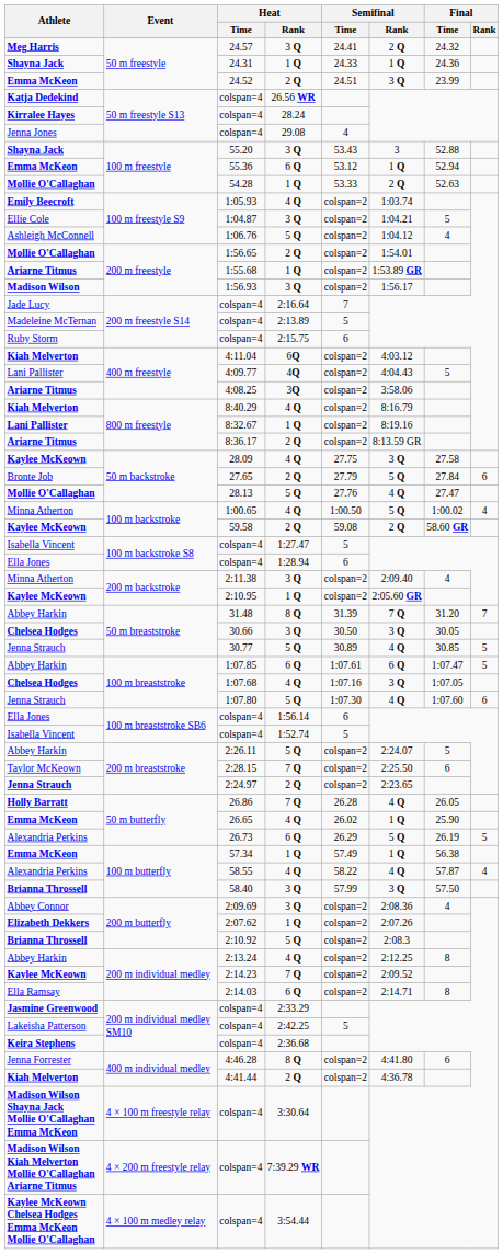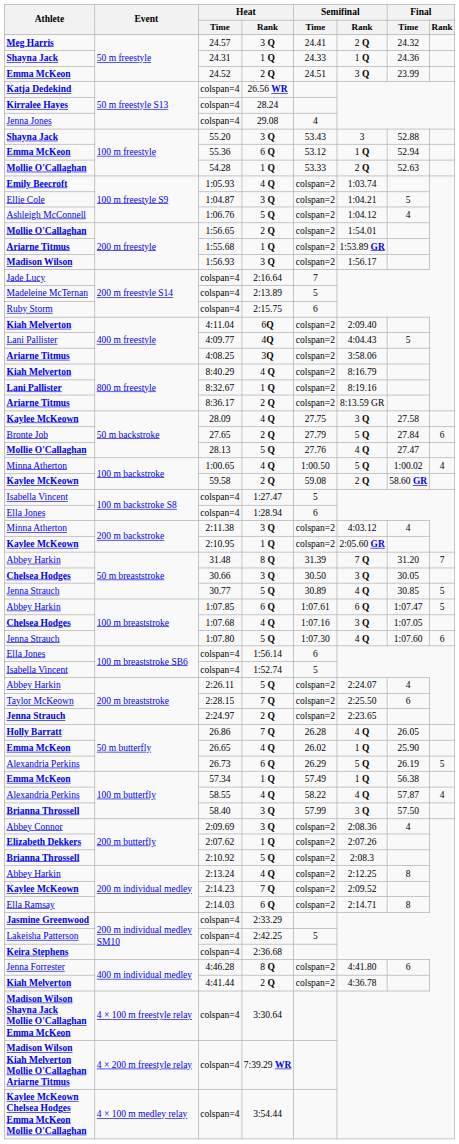 <table class=wikitable style=font-size:90%>
 <tr>
 <th rowspan=2 width=130>Athlete</th>
 <th rowspan=2 width=150>Event</th>
 <th colspan=2>Heat</th>
 <th colspan=2>Semifinal</th>
 <th colspan=2>Final</th>
 </tr>
 <tr style=font-size:95%>
 <th>Time</th>
 <th>Rank</th>
 <th>Time</th>
 <th>Rank</th>
 <th>Time</th>
 <th>Rank</th>
 </tr>
 <tr align=center>
 <td align=left><strong><a href='#'>Meg Harris</a></strong></td>
 <td style="text-align:left;" rowspan="3"><a href='#'>50 m freestyle</a></td>
 <td>24.57</td>
 <td>3 <strong>Q</strong></td>
 <td>24.41</td>
 <td>2 <strong>Q</strong></td>
 <td>24.32</td>
 <td></td>
 </tr>
 <tr align=center>
 <td align=left><strong><a href='#'>Shayna Jack</a></strong></td>
 <td>24.31</td>
 <td>1 <strong>Q</strong></td>
 <td>24.33</td>
 <td>1 <strong>Q</strong></td>
 <td>24.36</td>
 <td></td>
 </tr>
 <tr align=center>
 <td align=left><strong><a href='#'>Emma McKeon</a></strong></td>
 <td>24.52</td>
 <td>2 <strong>Q</strong></td>
 <td>24.51</td>
 <td>3 <strong>Q</strong></td>
 <td>23.99</td>
 <td></td>
 </tr>
 <tr align=center>
 <td align=left><strong><a href='#'>Katja Dedekind</a></strong></td>
 <td style="text-align:left;" rowspan="3"><a href='#'>50 m freestyle S13</a></td>
 <td>colspan=4 </td>
 <td>26.56 <strong><a href='#'>WR</a></strong></td>
 <td></td>
 </tr>
 <tr align=center>
 <td align=left><strong><a href='#'>Kirralee Hayes</a></strong></td>
 <td>colspan=4 </td>
 <td>28.24</td>
 <td></td>
 </tr>
 <tr align=center>
 <td align=left><a href='#'>Jenna Jones</a></td>
 <td>colspan=4 </td>
 <td>29.08</td>
 <td>4</td>
 </tr>
 <tr align=center>
 <td align=left><strong><a href='#'>Shayna Jack</a></strong></td>
 <td style="text-align:left;" rowspan="3"><a href='#'>100 m freestyle</a></td>
 <td>55.20</td>
 <td>3 <strong>Q</strong></td>
 <td>53.43</td>
 <td>3</td>
 <td>52.88</td>
 <td></td>
 </tr>
 <tr align=center>
 <td align=left><strong><a href='#'>Emma McKeon</a></strong></td>
 <td>55.36</td>
 <td>6 <strong>Q</strong></td>
 <td>53.12</td>
 <td>1 <strong>Q</strong></td>
 <td>52.94</td>
 <td></td>
 </tr>
 <tr align=center>
 <td align=left><strong><a href='#'>Mollie O'Callaghan</a></strong></td>
 <td>54.28</td>
 <td>1 <strong>Q</strong></td>
 <td>53.33</td>
 <td>2 <strong>Q</strong></td>
 <td>52.63</td>
 <td></td>
 </tr>
 <tr align=center>
 <td align=left><strong><a href='#'>Emily Beecroft</a></strong></td>
 <td style="text-align:left;" rowspan="3"><a href='#'>100 m freestyle S9</a></td>
 <td>1:05.93</td>
 <td>4 <strong>Q</strong></td>
 <td>colspan=2 </td>
 <td>1:03.74</td>
 <td></td>
 </tr>
 <tr align=center>
 <td align=left><a href='#'>Ellie Cole</a></td>
 <td>1:04.87</td>
 <td>3 <strong>Q</strong></td>
 <td>colspan=2 </td>
 <td>1:04.21</td>
 <td>5</td>
 </tr>
 <tr align=center>
 <td align=left><a href='#'>Ashleigh McConnell</a></td>
 <td>1:06.76</td>
 <td>5 <strong>Q</strong></td>
 <td>colspan=2 </td>
 <td>1:04.12</td>
 <td>4</td>
 </tr>
 <tr align=center>
 <td align=left><strong><a href='#'>Mollie O'Callaghan</a></strong></td>
 <td style="text-align:left;" rowspan="3"><a href='#'>200 m freestyle</a></td>
 <td>1:56.65</td>
 <td>2 <strong>Q</strong></td>
 <td>colspan=2 </td>
 <td>1:54.01</td>
 <td></td>
 </tr>
 <tr align=center>
 <td align=left><strong><a href='#'>Ariarne Titmus</a></strong></td>
 <td>1:55.68</td>
 <td>1 <strong>Q</strong></td>
 <td>colspan=2 </td>
 <td>1:53.89 <a href='#'><strong>GR</strong></a></td>
 <td></td>
 </tr>
 <tr align=center>
 <td align=left><strong><a href='#'>Madison Wilson</a></strong></td>
 <td>1:56.93</td>
 <td>3 <strong>Q</strong></td>
 <td>colspan=2 </td>
 <td>1:56.17</td>
 <td></td>
 </tr>
 <tr align=center>
 <td align=left><a href='#'>Jade Lucy</a></td>
 <td style="text-align:left;" rowspan="3"><a href='#'>200 m freestyle S14</a></td>
 <td>colspan=4 </td>
 <td>2:16.64</td>
 <td>7</td>
 </tr>
 <tr align=center>
 <td align=left><a href='#'>Madeleine McTernan</a></td>
 <td>colspan=4 </td>
 <td>2:13.89</td>
 <td>5</td>
 </tr>
 <tr align=center>
 <td align=left><a href='#'>Ruby Storm</a></td>
 <td>colspan=4 </td>
 <td>2:15.75</td>
 <td>6</td>
 </tr>
 <tr align=center>
 <td align=left><strong><a href='#'>Kiah Melverton</a></strong></td>
 <td style="text-align:left;" rowspan="3"><a href='#'>400 m freestyle</a></td>
 <td>4:11.04</td>
 <td>6<strong>Q</strong></td>
 <td>colspan=2 </td>
-<td>4:03.12</td>
+<td>2:09.40</td>
 <td></td>
 </tr>
 <tr align=center>
 <td align=left><a href='#'>Lani Pallister</a></td>
 <td>4:09.77</td>
 <td>4<strong>Q</strong></td>
 <td>colspan=2 </td>
 <td>4:04.43</td>
 <td>5</td>
 </tr>
 <tr align=center>
 <td align=left><strong><a href='#'>Ariarne Titmus</a></strong></td>
 <td>4:08.25</td>
 <td>3<strong>Q</strong></td>
 <td>colspan=2 </td>
 <td>3:58.06</td>
 <td></td>
 </tr>
 <tr align=center>
 <td align=left><strong><a href='#'>Kiah Melverton</a></strong></td>
 <td style="text-align:left;" rowspan="3"><a href='#'>800 m freestyle</a></td>
 <td>8:40.29</td>
 <td>4 <strong>Q</strong></td>
 <td>colspan=2 </td>
 <td>8:16.79</td>
 <td></td>
 </tr>
 <tr align=center>
 <td align=left><strong><a href='#'>Lani Pallister</a></strong></td>
 <td>8:32.67</td>
 <td>1 <strong>Q</strong></td>
 <td>colspan=2 </td>
 <td>8:19.16</td>
 <td></td>
 </tr>
 <tr align=center>
 <td align=left><strong><a href='#'>Ariarne Titmus</a></strong></td>
 <td>8:36.17</td>
 <td>2 <strong>Q</strong></td>
 <td>colspan=2 </td>
 <td>8:13.59 GR</td>
 <td></td>
 </tr>
 <tr align=center>
 <td align=left><strong><a href='#'>Kaylee McKeown</a></strong></td>
 <td style="text-align:left;" rowspan="3"><a href='#'>50 m backstroke</a></td>
 <td>28.09</td>
 <td>4 <strong>Q</strong></td>
 <td>27.75</td>
 <td>3 <strong>Q</strong></td>
 <td>27.58</td>
 <td></td>
 </tr>
 <tr align=center>
 <td align=left><a href='#'>Bronte Job</a></td>
 <td>27.65</td>
 <td>2 <strong>Q</strong></td>
 <td>27.79</td>
 <td>5 <strong>Q</strong></td>
 <td>27.84</td>
 <td>6</td>
 </tr>
 <tr align=center>
 <td align=left><strong><a href='#'>Mollie O'Callaghan</a></strong></td>
 <td>28.13</td>
 <td>5 <strong>Q</strong></td>
 <td>27.76</td>
 <td>4 <strong>Q</strong></td>
 <td>27.47</td>
 <td></td>
 </tr>
 <tr align=center>
 <td align=left><a href='#'>Minna Atherton</a></td>
 <td style="text-align:left;" rowspan="2"><a href='#'>100 m backstroke</a></td>
 <td>1:00.65</td>
 <td>4 <strong>Q</strong></td>
 <td>1:00.50</td>
 <td>5 <strong>Q</strong></td>
 <td>1:00.02</td>
 <td>4</td>
 </tr>
 <tr align=center>
 <td align=left><strong><a href='#'>Kaylee McKeown</a></strong></td>
 <td>59.58</td>
 <td>2 <strong>Q</strong></td>
 <td>59.08</td>
 <td>2 <strong>Q</strong></td>
 <td>58.60 <a href='#'><strong>GR</strong></a></td>
 <td></td>
 </tr>
 <tr align=center>
 <td align=left><a href='#'>Isabella Vincent</a></td>
 <td style="text-align:left;" rowspan="2"><a href='#'>100 m backstroke S8</a></td>
 <td>colspan=4 </td>
 <td>1:27.47</td>
 <td>5</td>
 </tr>
 <tr align=center>
 <td align=left><a href='#'>Ella Jones</a></td>
 <td>colspan=4 </td>
 <td>1:28.94</td>
 <td>6</td>
 </tr>
 <tr align=center>
 <td align=left><a href='#'>Minna Atherton</a></td>
 <td style="text-align:left;" rowspan="2"><a href='#'>200 m backstroke</a></td>
 <td>2:11.38</td>
 <td>3 <strong>Q</strong></td>
 <td>colspan=2 </td>
-<td>2:09.40</td>
+<td>4:03.12</td>
 <td>4</td>
 </tr>
 <tr align=center>
 <td align=left><strong><a href='#'>Kaylee McKeown</a></strong></td>
 <td>2:10.95</td>
 <td>1 <strong>Q</strong></td>
 <td>colspan=2 </td>
 <td>2:05.60 <a href='#'><strong>GR</strong></a></td>
 <td></td>
 </tr>
 <tr align=center>
 <td align=left><a href='#'>Abbey Harkin</a></td>
 <td style="text-align:left;" rowspan="3"><a href='#'>50 m breaststroke</a></td>
 <td>31.48</td>
 <td>8 <strong>Q</strong></td>
 <td>31.39</td>
 <td>7 <strong>Q</strong></td>
 <td>31.20</td>
 <td>7</td>
 </tr>
 <tr align=center>
 <td align=left><strong><a href='#'>Chelsea Hodges</a></strong></td>
 <td>30.66</td>
 <td>3 <strong>Q</strong></td>
 <td>30.50</td>
 <td>3 <strong>Q</strong></td>
 <td>30.05</td>
 <td></td>
 </tr>
 <tr align=center>
 <td align=left><a href='#'>Jenna Strauch</a></td>
 <td>30.77</td>
 <td>5 <strong>Q</strong></td>
 <td>30.89</td>
 <td>4 <strong>Q</strong></td>
 <td>30.85</td>
 <td>5</td>
 </tr>
 <tr align=center>
 <td align=left><a href='#'>Abbey Harkin</a></td>
 <td style="text-align:left;" rowspan="3"><a href='#'>100 m breaststroke</a></td>
 <td>1:07.85</td>
 <td>6 <strong>Q</strong></td>
 <td>1:07.61</td>
 <td>6 <strong>Q</strong></td>
 <td>1:07.47</td>
 <td>5</td>
 </tr>
 <tr align=center>
 <td align=left><strong><a href='#'>Chelsea Hodges</a></strong></td>
 <td>1:07.68</td>
 <td>4 <strong>Q</strong></td>
 <td>1:07.16</td>
 <td>3 <strong>Q</strong></td>
 <td>1:07.05</td>
 <td></td>
 </tr>
 <tr align=center>
 <td align=left><a href='#'>Jenna Strauch</a></td>
 <td>1:07.80</td>
 <td>5 <strong>Q</strong></td>
 <td>1:07.30</td>
 <td>4 <strong>Q</strong></td>
 <td>1:07.60</td>
 <td>6</td>
 </tr>
 <tr align=center>
 <td align=left><a href='#'>Ella Jones</a></td>
 <td style="text-align:left;" rowspan="2"><a href='#'>100 m breaststroke SB6</a></td>
 <td>colspan=4 </td>
 <td>1:56.14</td>
 <td>6</td>
 </tr>
 <tr align=center>
 <td align=left><a href='#'>Isabella Vincent</a></td>
 <td>colspan=4 </td>
 <td>1:52.74</td>
 <td>5</td>
 </tr>
 <tr align=center>
 <td align=left><a href='#'>Abbey Harkin</a></td>
 <td style="text-align:left;" rowspan="3"><a href='#'>200 m breaststroke</a></td>
 <td>2:26.11</td>
 <td>5 <strong>Q</strong></td>
 <td>colspan=2 </td>
 <td>2:24.07</td>
-<td>5</td>
+<td>4</td>
 </tr>
 <tr align=center>
 <td align=left><a href='#'>Taylor McKeown</a></td>
 <td>2:28.15</td>
 <td>7 <strong>Q</strong></td>
 <td>colspan=2 </td>
 <td>2:25.50</td>
 <td>6</td>
 </tr>
 <tr align=center>
 <td align=left><strong><a href='#'>Jenna Strauch</a></strong></td>
 <td>2:24.97</td>
 <td>2 <strong>Q</strong></td>
 <td>colspan=2 </td>
 <td>2:23.65</td>
 <td></td>
 </tr>
 <tr align=center>
 <td align=left><strong><a href='#'>Holly Barratt</a></strong></td>
 <td style="text-align:left;" rowspan="3"><a href='#'>50 m butterfly</a></td>
 <td>26.86</td>
 <td>7 <strong>Q</strong></td>
 <td>26.28</td>
 <td>4 <strong>Q</strong></td>
 <td>26.05</td>
 <td></td>
 </tr>
 <tr align=center>
 <td align=left><strong><a href='#'>Emma McKeon</a></strong></td>
 <td>26.65</td>
 <td>4 <strong>Q</strong></td>
 <td>26.02</td>
 <td>1 <strong>Q</strong></td>
 <td>25.90</td>
 <td></td>
 </tr>
 <tr align=center>
 <td align=left><a href='#'>Alexandria Perkins</a></td>
 <td>26.73</td>
 <td>6 <strong>Q</strong></td>
 <td>26.29</td>
 <td>5 <strong>Q</strong></td>
 <td>26.19</td>
 <td>5</td>
 </tr>
 <tr align=center>
 <td align=left><strong><a href='#'>Emma McKeon</a></strong></td>
 <td style="text-align:left;" rowspan="3"><a href='#'>100 m butterfly</a></td>
 <td>57.34</td>
 <td>1 <strong>Q</strong></td>
 <td>57.49</td>
 <td>1 <strong>Q</strong></td>
 <td>56.38</td>
 <td></td>
 </tr>
 <tr align=center>
 <td align=left><a href='#'>Alexandria Perkins</a></td>
 <td>58.55</td>
 <td>4 <strong>Q</strong></td>
 <td>58.22</td>
 <td>4 <strong>Q</strong></td>
 <td>57.87</td>
 <td>4</td>
 </tr>
 <tr align=center>
 <td align=left><strong><a href='#'>Brianna Throssell</a></strong></td>
 <td>58.40</td>
 <td>3 <strong>Q</strong></td>
 <td>57.99</td>
 <td>3 <strong>Q</strong></td>
 <td>57.50</td>
 <td></td>
 </tr>
 <tr align=center>
 <td align=left><a href='#'>Abbey Connor</a></td>
 <td style="text-align:left;" rowspan="3"><a href='#'>200 m butterfly</a></td>
 <td>2:09.69</td>
 <td>3 <strong>Q</strong></td>
 <td>colspan=2 </td>
 <td>2:08.36</td>
 <td>4</td>
 </tr>
 <tr align=center>
 <td align=left><strong><a href='#'>Elizabeth Dekkers</a></strong></td>
 <td>2:07.62</td>
 <td>1 <strong>Q</strong></td>
 <td>colspan=2 </td>
 <td>2:07.26</td>
 <td></td>
 </tr>
 <tr align=center>
 <td align=left><strong><a href='#'>Brianna Throssell</a></strong></td>
 <td>2:10.92</td>
 <td>5 <strong>Q</strong></td>
 <td>colspan=2 </td>
 <td>2:08.3</td>
 <td></td>
 </tr>
 <tr align=center>
 <td align=left><a href='#'>Abbey Harkin</a></td>
 <td style="text-align:left;" rowspan="3"><a href='#'>200 m individual medley</a></td>
 <td>2:13.24</td>
 <td>4 <strong>Q</strong></td>
 <td>colspan=2 </td>
 <td>2:12.25</td>
 <td>8</td>
 </tr>
 <tr align=center>
 <td align=left><strong><a href='#'>Kaylee McKeown</a></strong></td>
 <td>2:14.23</td>
 <td>7 <strong>Q</strong></td>
 <td>colspan=2 </td>
 <td>2:09.52</td>
 <td></td>
 </tr>
 <tr align=center>
 <td align=left><a href='#'>Ella Ramsay</a></td>
 <td>2:14.03</td>
 <td>6 <strong>Q</strong></td>
 <td>colspan=2 </td>
 <td>2:14.71</td>
 <td>8</td>
 </tr>
 <tr align=center>
 <td align=left><strong><a href='#'>Jasmine Greenwood</a></strong></td>
 <td style="text-align:left;" rowspan="3"><a href='#'>200 m individual medley SM10</a></td>
 <td>colspan=4 </td>
 <td>2:33.29</td>
 <td></td>
 </tr>
 <tr align=center>
 <td align=left><a href='#'>Lakeisha Patterson</a></td>
 <td>colspan=4 </td>
 <td>2:42.25</td>
 <td>5</td>
 </tr>
 <tr align=center>
 <td align=left><strong><a href='#'>Keira Stephens</a></strong></td>
 <td>colspan=4 </td>
 <td>2:36.68</td>
 <td></td>
 </tr>
 <tr align=center>
 <td align=left><a href='#'>Jenna Forrester</a></td>
 <td style="text-align:left;" rowspan="2"><a href='#'>400 m individual medley</a></td>
 <td>4:46.28</td>
 <td>8 <strong>Q</strong></td>
 <td>colspan=2 </td>
 <td>4:41.80</td>
 <td>6</td>
 </tr>
 <tr align=center>
 <td align=left><strong><a href='#'>Kiah Melverton</a></strong></td>
 <td>4:41.44</td>
 <td>2 <strong>Q</strong></td>
 <td>colspan=2 </td>
 <td>4:36.78</td>
 <td></td>
 </tr>
 <tr align=center>
 <td align=left><strong><a href='#'>Madison Wilson</a><br><a href='#'>Shayna Jack</a> <br><a href='#'>Mollie O'Callaghan</a> <br><a href='#'>Emma McKeon</a></strong></td>
 <td align=left><a href='#'>4 × 100 m freestyle relay</a></td>
 <td>colspan=4 </td>
 <td>3:30.64</td>
 <td></td>
 </tr>
 <tr align=center>
 <td align=left><strong><a href='#'>Madison Wilson</a><br><a href='#'>Kiah Melverton</a> <br><a href='#'>Mollie O'Callaghan</a> <br><a href='#'>Ariarne Titmus</a></strong></td>
 <td align=left><a href='#'>4 × 200 m freestyle relay</a></td>
 <td>colspan=4 </td>
 <td>7:39.29 <strong><a href='#'>WR</a></strong></td>
 <td></td>
 </tr>
 <tr align=center>
 <td align=left><strong><a href='#'>Kaylee McKeown</a> <br><a href='#'>Chelsea Hodges</a> <br><a href='#'>Emma McKeon</a> <br> <a href='#'>Mollie O'Callaghan</a></strong></td>
 <td align=left><a href='#'>4 × 100 m medley relay</a></td>
 <td>colspan=4 </td>
 <td>3:54.44</td>
 <td></td>
 </tr>
 </table>
